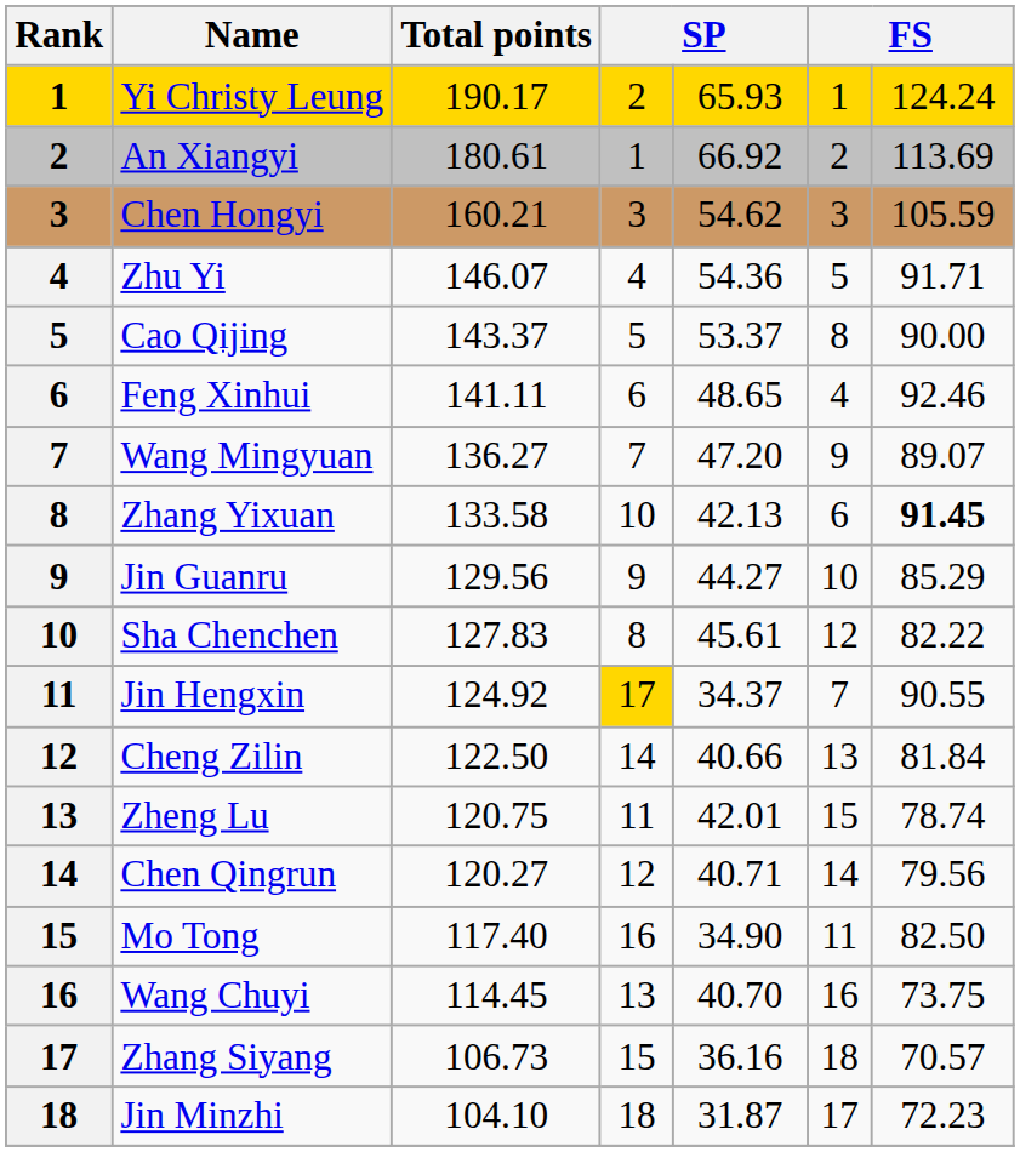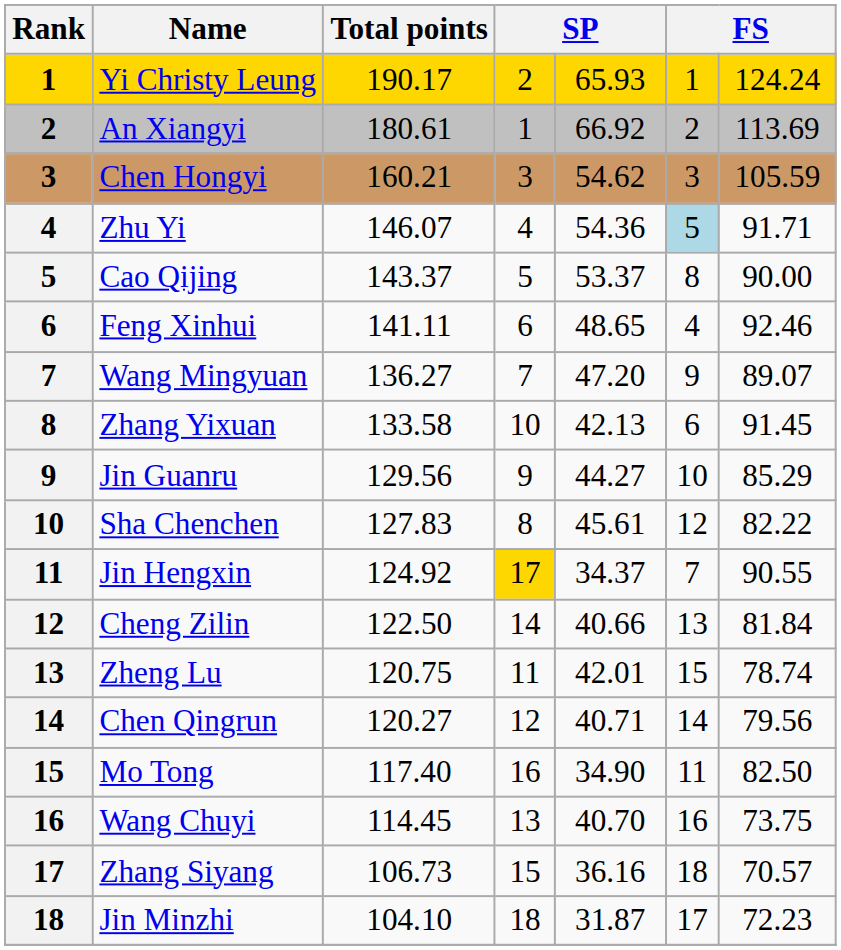 <table class="wikitable sortable">
 <tr>
 <th>Rank</th>
 <th>Name</th>
 <th>Total points</th>
 <th colspan="2" width="80px"><a href='#'>SP</a></th>
 <th colspan="2" width="80px"><a href='#'>FS</a></th>
 </tr>
 <tr bgcolor="gold">
 <td align="center"><strong>1</strong></td>
 <td><a href='#'>Yi Christy Leung</a></td>
 <td align="center">190.17</td>
 <td align="center">2</td>
 <td align="center">65.93</td>
 <td align="center">1</td>
 <td align="center">124.24</td>
 </tr>
 <tr bgcolor="silver">
 <td align="center"><strong>2</strong></td>
 <td><a href='#'>An Xiangyi</a></td>
 <td align="center">180.61</td>
 <td align="center">1</td>
 <td align="center">66.92</td>
 <td align="center">2</td>
 <td align="center">113.69</td>
 </tr>
 <tr bgcolor="cc9966">
 <td align="center"><strong>3</strong></td>
 <td><a href='#'>Chen Hongyi</a></td>
 <td align="center">160.21</td>
 <td align="center">3</td>
 <td align="center">54.62</td>
 <td align="center">3</td>
 <td align="center">105.59</td>
 </tr>
 <tr>
 <th>4</th>
 <td><a href='#'>Zhu Yi</a></td>
 <td align="center">146.07</td>
 <td align="center">4</td>
 <td align="center">54.36</td>
-<td align="center">5</td>
+<td align="center" style="background: lightblue;">5</td>
 <td align="center">91.71</td>
 </tr>
 <tr>
 <th>5</th>
 <td><a href='#'>Cao Qijing</a></td>
 <td align="center">143.37</td>
 <td align="center">5</td>
 <td align="center">53.37</td>
 <td align="center">8</td>
 <td align="center">90.00</td>
 </tr>
 <tr>
 <th>6</th>
 <td><a href='#'>Feng Xinhui</a></td>
 <td align="center">141.11</td>
 <td align="center">6</td>
 <td align="center">48.65</td>
 <td align="center">4</td>
 <td align="center">92.46</td>
 </tr>
 <tr>
 <th>7</th>
 <td><a href='#'>Wang Mingyuan</a></td>
 <td align="center">136.27</td>
 <td align="center">7</td>
 <td align="center">47.20</td>
 <td align="center">9</td>
 <td align="center">89.07</td>
 </tr>
 <tr>
 <th>8</th>
 <td><a href='#'>Zhang Yixuan</a></td>
 <td align="center">133.58</td>
 <td align="center">10</td>
 <td align="center">42.13</td>
 <td align="center">6</td>
-<td align="center"><strong>91.45</strong></td>
+<td align="center">91.45</td>
 </tr>
 <tr>
 <th>9</th>
 <td><a href='#'>Jin Guanru</a></td>
 <td align="center">129.56</td>
 <td align="center">9</td>
 <td align="center">44.27</td>
 <td align="center">10</td>
 <td align="center">85.29</td>
 </tr>
 <tr>
 <th>10</th>
 <td><a href='#'>Sha Chenchen</a></td>
 <td align="center">127.83</td>
 <td align="center">8</td>
 <td align="center">45.61</td>
 <td align="center">12</td>
 <td align="center">82.22</td>
 </tr>
 <tr>
 <th>11</th>
 <td><a href='#'>Jin Hengxin</a></td>
 <td align="center">124.92</td>
 <td align="center" style="background: gold;">17</td>
 <td align="center">34.37</td>
 <td align="center">7</td>
 <td align="center">90.55</td>
 </tr>
 <tr>
 <th>12</th>
 <td><a href='#'>Cheng Zilin</a></td>
 <td align="center">122.50</td>
 <td align="center">14</td>
 <td align="center">40.66</td>
 <td align="center">13</td>
 <td align="center">81.84</td>
 </tr>
 <tr>
 <th>13</th>
 <td><a href='#'>Zheng Lu</a></td>
 <td align="center">120.75</td>
 <td align="center">11</td>
 <td align="center">42.01</td>
 <td align="center">15</td>
 <td align="center">78.74</td>
 </tr>
 <tr>
 <th>14</th>
 <td><a href='#'>Chen Qingrun</a></td>
 <td align="center">120.27</td>
 <td align="center">12</td>
 <td align="center">40.71</td>
 <td align="center">14</td>
 <td align="center">79.56</td>
 </tr>
 <tr>
 <th>15</th>
 <td><a href='#'>Mo Tong</a></td>
 <td align="center">117.40</td>
 <td align="center">16</td>
 <td align="center">34.90</td>
 <td align="center">11</td>
 <td align="center">82.50</td>
 </tr>
 <tr>
 <th>16</th>
 <td><a href='#'>Wang Chuyi</a></td>
 <td align="center">114.45</td>
 <td align="center">13</td>
 <td align="center">40.70</td>
 <td align="center">16</td>
 <td align="center">73.75</td>
 </tr>
 <tr>
 <th>17</th>
 <td><a href='#'>Zhang Siyang</a></td>
 <td align="center">106.73</td>
 <td align="center">15</td>
 <td align="center">36.16</td>
 <td align="center">18</td>
 <td align="center">70.57</td>
 </tr>
 <tr>
 <th>18</th>
 <td><a href='#'>Jin Minzhi</a></td>
 <td align="center">104.10</td>
 <td align="center">18</td>
 <td align="center">31.87</td>
 <td align="center">17</td>
 <td align="center">72.23</td>
 </tr>
 <tr>
 </tr>
 </table>
